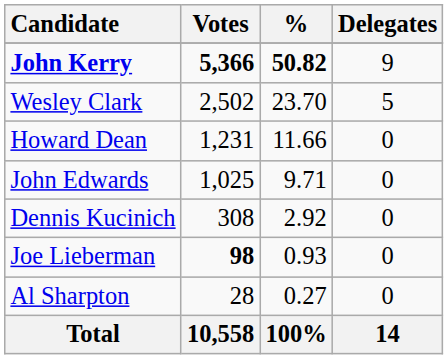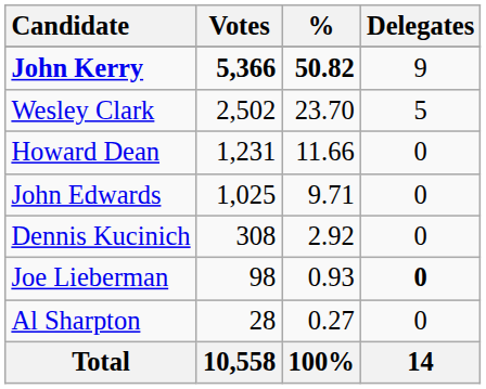 <table class="wikitable sortable plainrowheaders" style="text-align:right;">
 <tr>
 <th style="text-align:left;">Candidate</th>
 <th>Votes</th>
 <th>%</th>
 <th>Delegates</th>
 </tr>
 <tr>
 </tr>
 <tr>
 <td style="text-align:left;"><strong><a href='#'>John Kerry</a></strong></td>
 <td><strong>5,366</strong></td>
 <td><strong>50.82</strong></td>
 <td style="text-align:center;">9</td>
 </tr>
 <tr>
 <td style="text-align:left;"><a href='#'>Wesley Clark</a></td>
 <td>2,502</td>
 <td>23.70</td>
 <td style="text-align:center;">5</td>
 </tr>
 <tr>
 <td style="text-align:left;"><a href='#'>Howard Dean</a></td>
 <td>1,231</td>
 <td>11.66</td>
 <td style="text-align:center;">0</td>
 </tr>
 <tr>
 <td style="text-align:left;"><a href='#'>John Edwards</a></td>
 <td>1,025</td>
 <td>9.71</td>
 <td style="text-align:center;">0</td>
 </tr>
 <tr>
 <td style="text-align:left;"><a href='#'>Dennis Kucinich</a></td>
 <td>308</td>
 <td>2.92</td>
 <td style="text-align:center;">0</td>
 </tr>
 <tr>
 <td style="text-align:left;"><a href='#'>Joe Lieberman</a></td>
-<td><strong>98</strong></td>
+<td>98</td>
 <td>0.93</td>
-<td style="text-align:center;">0</td>
+<td style="text-align:center;"><strong>0</strong></td>
 </tr>
 <tr>
 <td style="text-align:left;"><a href='#'>Al Sharpton</a></td>
 <td>28</td>
 <td>0.27</td>
 <td style="text-align:center;">0</td>
 </tr>
 <tr class="sortbottom">
 <th>Total</th>
 <th>10,558</th>
 <th>100%</th>
 <th>14</th>
 </tr>
 </table>
